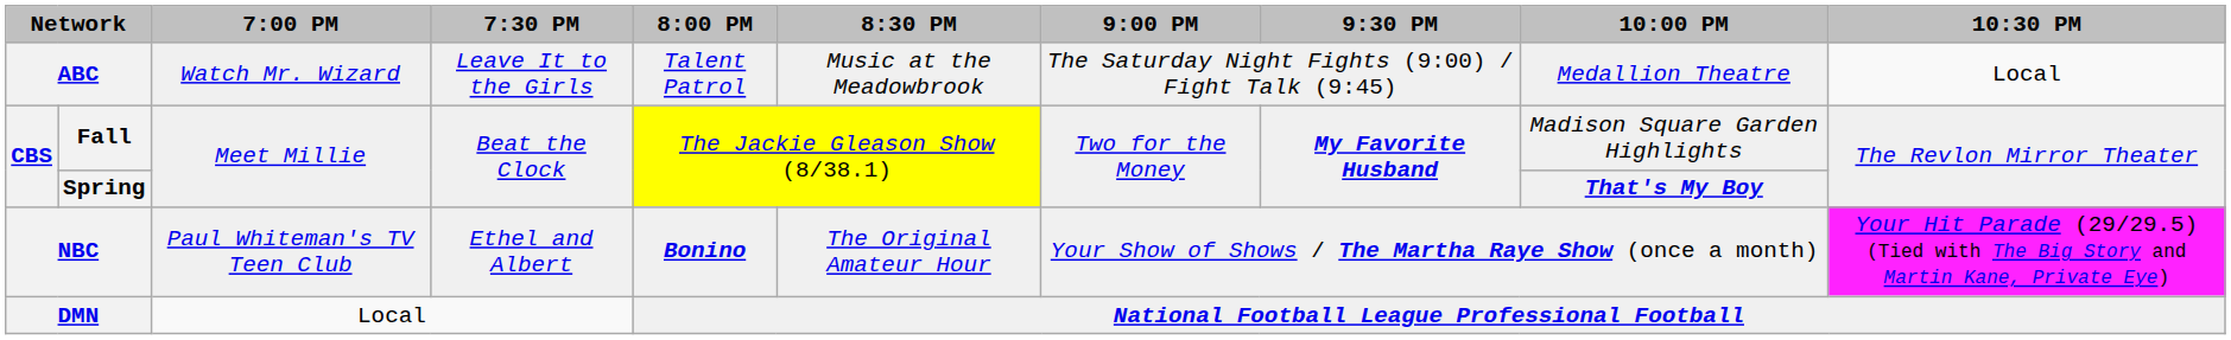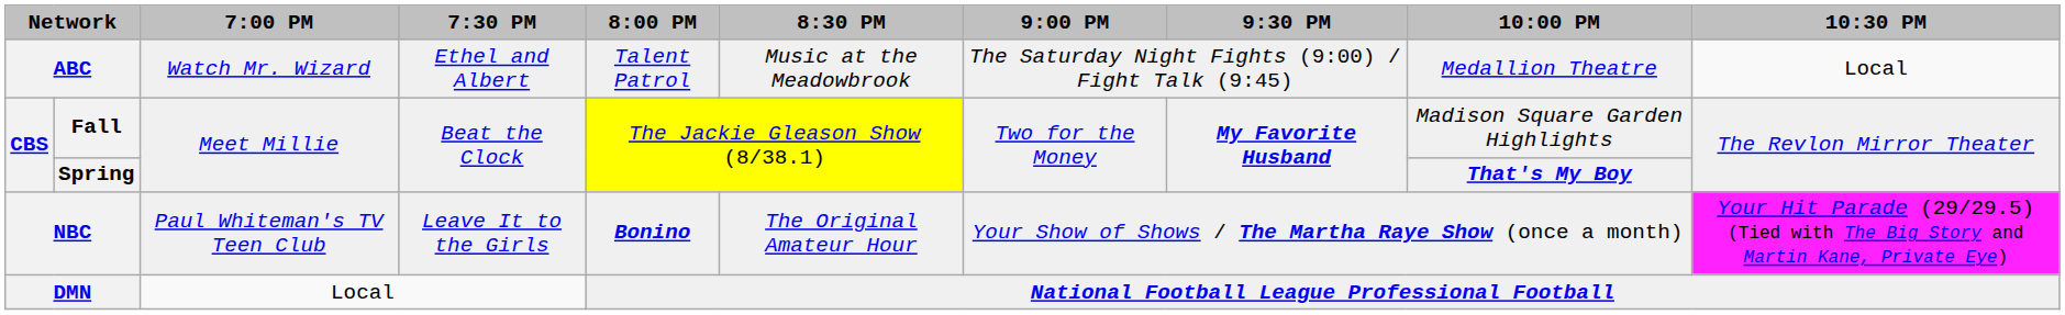 <table class="wikitable" style="width:100%;margin-right:0;text-align:center">
 <tr>
 <th colspan="2" style="background-color:#C0C0C0;text-align:center">Network</th>
 <th style="background-color:#C0C0C0;text-align:center">7:00 PM</th>
 <th style="background-color:#C0C0C0;text-align:center">7:30 PM</th>
 <th style="background-color:#C0C0C0;text-align:center">8:00 PM</th>
 <th style="background-color:#C0C0C0;text-align:center">8:30 PM</th>
 <th style="background-color:#C0C0C0;text-align:center">9:00 PM</th>
 <th style="background-color:#C0C0C0;text-align:center">9:30 PM</th>
 <th style="background-color:#C0C0C0;text-align:center">10:00 PM</th>
 <th style="background-color:#C0C0C0;text-align:center">10:30 PM</th>
 </tr>
 <tr>
 <th bgcolor="#C0C0C0" colspan="2"><a href='#'>ABC</a></th>
 <td bgcolor="#F0F0F0"><em><a href='#'>Watch Mr. Wizard</a></em></td>
-<td bgcolor="#F0F0F0"><em><a href='#'>Leave It to the Girls</a></em></td>
+<td bgcolor="#F0F0F0"><em><a href='#'>Ethel and Albert</a></em></td>
 <td bgcolor="#F0F0F0"><em><a href='#'>Talent Patrol</a></em></td>
 <td bgcolor="#F0F0F0"><em>Music at the Meadowbrook</em></td>
 <td colspan="2" bgcolor="#F0F0F0"><em>The Saturday Night Fights</em> (9:00) / <em>Fight Talk</em> (9:45)</td>
 <td bgcolor="#F0F0F0"><em><a href='#'>Medallion Theatre</a></em></td>
 <td colspan="2">Local</td>
 </tr>
 <tr>
 <th bgcolor="#C0C0C0" rowspan="2"><a href='#'>CBS</a></th>
 <th>Fall</th>
 <td bgcolor="#F0F0F0" rowspan="2"><em><a href='#'>Meet Millie</a></em></td>
 <td bgcolor="#F0F0F0" rowspan="2"><em><a href='#'>Beat the Clock</a></em></td>
 <td colspan="2" bgcolor="#FFFF00" rowspan="2"><em><a href='#'>The Jackie Gleason Show</a></em> (8/38.1)</td>
 <td bgcolor="#F0F0F0" rowspan="2"><em><a href='#'>Two for the Money</a></em></td>
 <td bgcolor="#F0F0F0" rowspan="2"><strong><em><a href='#'>My Favorite Husband</a></em></strong></td>
 <td bgcolor="#F0F0F0"><em>Madison Square Garden Highlights</em></td>
 <td bgcolor="#F0F0F0" rowspan="2"><em><a href='#'>The Revlon Mirror Theater</a></em></td>
 </tr>
 <tr>
 <th>Spring</th>
 <td bgcolor="#F0F0F0"><strong><em><a href='#'>That's My Boy</a></em></strong></td>
 </tr>
 <tr>
 <th bgcolor="#C0C0C0" colspan="2"><a href='#'>NBC</a></th>
 <td bgcolor="#F0F0F0"><em><a href='#'>Paul Whiteman's TV Teen Club</a></em></td>
-<td bgcolor="#F0F0F0"><em><a href='#'>Ethel and Albert</a></em></td>
+<td bgcolor="#F0F0F0"><em><a href='#'>Leave It to the Girls</a></em></td>
 <td bgcolor="#F0F0F0"><strong><em><a href='#'>Bonino</a></em></strong></td>
 <td bgcolor="#F0F0F0"><em><a href='#'>The Original Amateur Hour</a></em></td>
 <td colspan="3" bgcolor="#F0F0F0"><em><a href='#'>Your Show of Shows</a></em> / <strong><em><a href='#'>The Martha Raye Show</a></em></strong> (once a month)</td>
 <td bgcolor="#FF22FF"><em><a href='#'>Your Hit Parade</a></em> (29/29.5)<br><small>(Tied with <em><a href='#'>The Big Story</a></em> and <em><a href='#'>Martin Kane, Private Eye</a></em>)</small></td>
 </tr>
 <tr>
 <th bgcolor="#C0C0C0" colspan="2"><a href='#'>DMN</a></th>
 <td colspan="2">Local</td>
 <td colspan="6" bgcolor="#F0F0F0"><strong><em><a href='#'>National Football League Professional Football</a></em></strong></td>
 </tr>
 </table>
